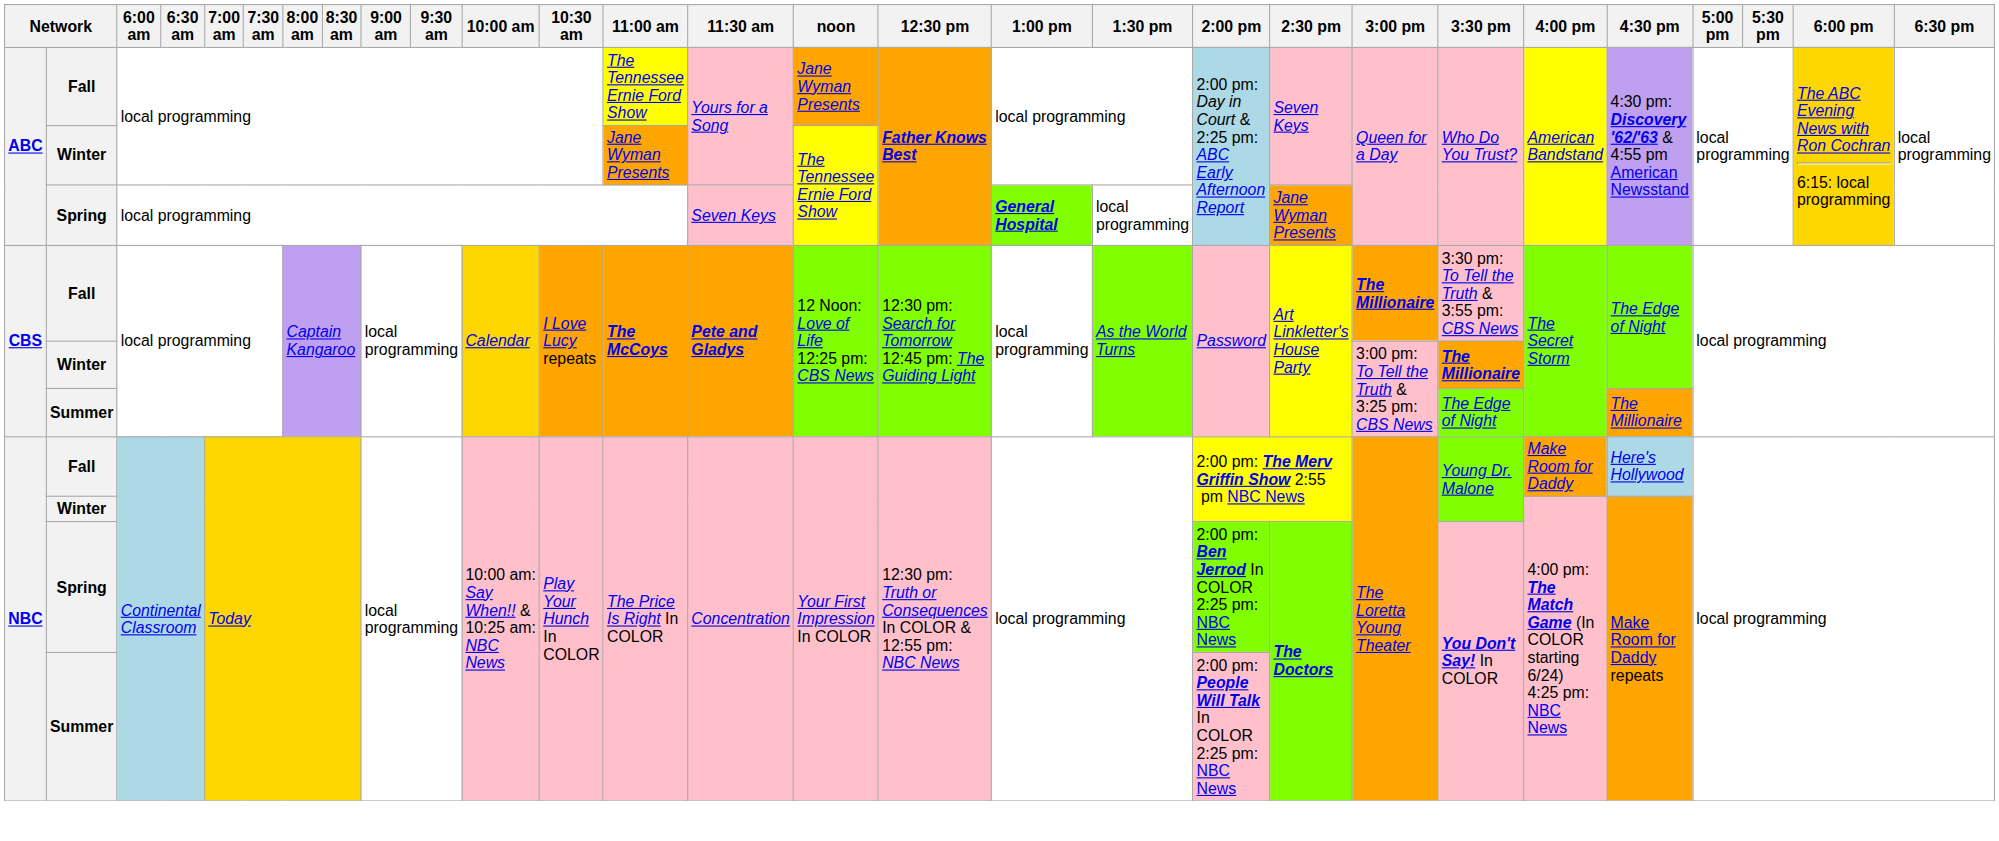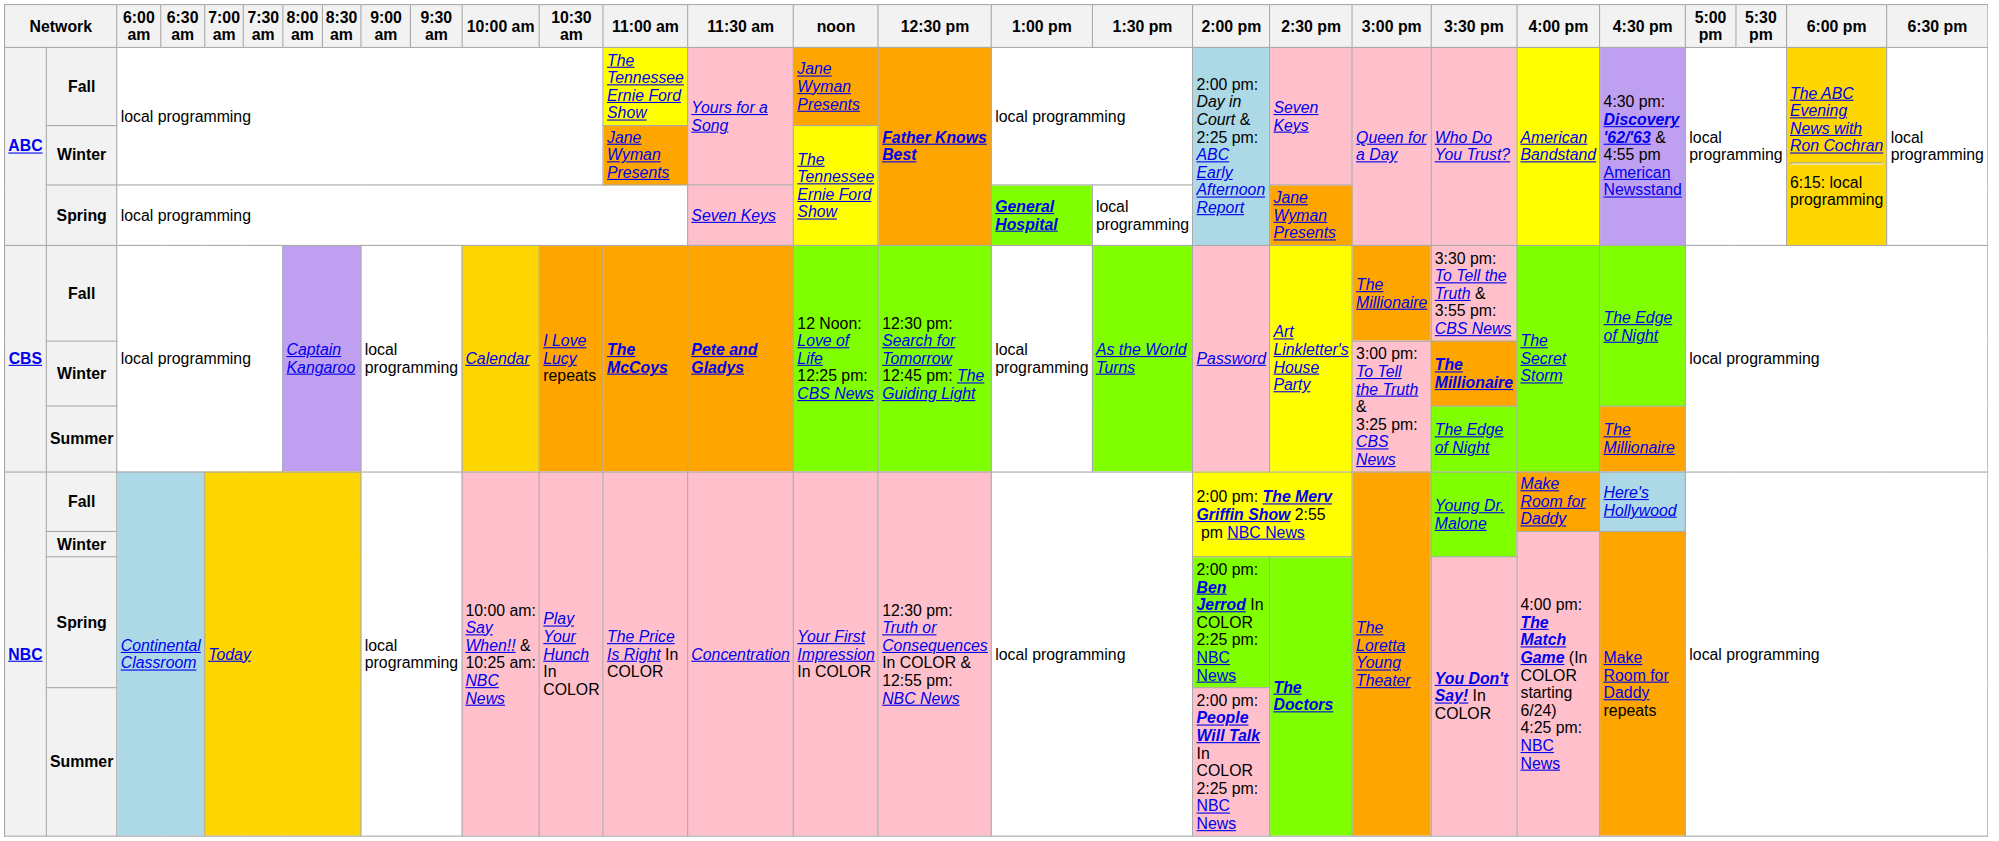 <table class=wikitable style="font-size:90%">
 <tr>
 <th width="1.5%" bgcolor="#C0C0C0" colspan="2">Network</th>
 <th width="13%" bgcolor="#C0C0C0">6:00 am</th>
 <th width="14%" bgcolor="#C0C0C0">6:30 am</th>
 <th width="13%" bgcolor="#C0C0C0">7:00 am</th>
 <th width="14%" bgcolor="#C0C0C0">7:30 am</th>
 <th width="13%" bgcolor="#C0C0C0">8:00 am</th>
 <th width="14%" bgcolor="#C0C0C0">8:30 am</th>
 <th width="13%" bgcolor="#C0C0C0">9:00 am</th>
 <th width="14%" bgcolor="#C0C0C0">9:30 am</th>
 <th width="13%" bgcolor="#C0C0C0">10:00 am</th>
 <th width="14%" bgcolor="#C0C0C0">10:30 am</th>
 <th width="13%" bgcolor="#C0C0C0">11:00 am</th>
 <th width="14%" bgcolor="#C0C0C0">11:30 am</th>
 <th width="13%" bgcolor="#C0C0C0">noon</th>
 <th width="14%" bgcolor="#C0C0C0">12:30 pm</th>
 <th width="13%" bgcolor="#C0C0C0">1:00 pm</th>
 <th width="14%" bgcolor="#C0C0C0">1:30 pm</th>
 <th width="13%" bgcolor="#C0C0C0">2:00 pm</th>
 <th width="14%" bgcolor="#C0C0C0">2:30 pm</th>
 <th width="13%" bgcolor="#C0C0C0">3:00 pm</th>
 <th width="14%" bgcolor="#C0C0C0">3:30 pm</th>
 <th width="13%" bgcolor="#C0C0C0">4:00 pm</th>
 <th width="14%" bgcolor="#C0C0C0">4:30 pm</th>
 <th width=13% bgcolor=#C0C0C0>5:00 pm</th>
 <th width=14% bgcolor=#C0C0C0>5:30 pm</th>
 <th width=13% bgcolor=#C0C0C0>6:00 pm</th>
 <th width=14% bgcolor=#C0C0C0>6:30 pm</th>
 </tr>
 <tr>
 <th bgcolor="#C0C0C0" rowspan=3><a href='#'>ABC</a></th>
 <th bgcolor=#C0C0C0>Fall</th>
 <td bgcolor="white" colspan="10" rowspan=2>local programming</td>
 <td bgcolor="yellow"><em><a href='#'>The Tennessee Ernie Ford Show</a></em></td>
 <td bgcolor="pink" rowspan=2><em><a href='#'>Yours for a Song</a></em></td>
 <td bgcolor="orange"><em><a href='#'>Jane Wyman Presents</a></em> </td>
 <td bgcolor="orange" rowspan=3><strong><em><a href='#'>Father Knows Best</a></em></strong>  </td>
 <td bgcolor="white" colspan="2" rowspan=2>local programming</td>
 <td bgcolor="lightblue" rowspan=3>2:00 pm: <em>Day in Court</em> & 2:25 pm: <em><a href='#'>ABC Early Afternoon Report</a></em></td>
 <td bgcolor="pink" rowspan=2><em><a href='#'>Seven Keys</a></em></td>
 <td bgcolor="pink" rowspan=3><em><a href='#'>Queen for a Day</a></em></td>
 <td bgcolor="pink" rowspan=3><em><a href='#'>Who Do You Trust?</a></em></td>
 <td bgcolor="yellow" rowspan=3><em><a href='#'>American Bandstand</a></em></td>
 <td bgcolor="bf9fef" rowspan=3>4:30 pm: <strong><em><a href='#'>Discovery '62/'63</a></em></strong> & 4:55 pm <a href='#'>American Newsstand</a></td>
 <td bgcolor=white colspan=2 rowspan=3>local programming</td>
 <td bgcolor=gold rowspan=3><em><a href='#'>The ABC Evening News with Ron Cochran</a></em><hr>6:15: local programming</td>
 <td bgcolor=white rowspan=3>local programming</td>
 </tr>
 <tr>
 <th bgcolor=#C0C0C0>Winter</th>
 <td bgcolor=orange><em><a href='#'>Jane Wyman Presents</a></em> </td>
 <td bgcolor=yellow rowspan=2><em><a href='#'>The Tennessee Ernie Ford Show</a></em></td>
 </tr>
 <tr>
 <th bgcolor=#C0C0C0>Spring</th>
 <td bgcolor=white colspan=11>local programming</td>
 <td bgcolor=pink><em><a href='#'>Seven Keys</a></em></td>
 <td bgcolor=chartreuse><strong><em><a href='#'>General Hospital</a></em></strong></td>
 <td bgcolor=white>local programming</td>
 <td bgcolor=orange><em><a href='#'>Jane Wyman Presents</a></em> </td>
 </tr>
 <tr>
 <th bgcolor="#C0C0C0" rowspan=3><a href='#'>CBS</a></th>
 <th bgcolor=#C0C0C0>Fall</th>
 <td bgcolor="white" colspan="4" rowspan=3>local programming</td>
 <td bgcolor="bf9fef" colspan="2" rowspan=3><em><a href='#'>Captain Kangaroo</a></em></td>
 <td bgcolor="white" colspan="2" rowspan=3>local programming</td>
 <td bgcolor="gold" rowspan=3><em><a href='#'>Calendar</a></em></td>
 <td bgcolor="orange" rowspan=3><em><a href='#'>I Love Lucy</a></em> repeats</td>
 <td bgcolor="orange" rowspan=3><strong><em><a href='#'>The McCoys</a></em></strong>  </td>
 <td bgcolor="orange" rowspan=3><strong><em><a href='#'>Pete and Gladys</a></em></strong>  </td>
 <td bgcolor="chartreuse" rowspan=3>12 Noon: <em><a href='#'>Love of Life</a></em>  12:25 pm: <em><a href='#'>CBS News</a></em></td>
 <td bgcolor="chartreuse" rowspan=3>12:30 pm: <em><a href='#'>Search for Tomorrow</a></em>  12:45 pm: <em><a href='#'>The Guiding Light</a></em></td>
 <td bgcolor="white" rowspan=3>local programming</td>
 <td bgcolor="chartreuse" rowspan=3><em><a href='#'>As the World Turns</a></em></td>
 <td bgcolor="pink" rowspan=3><em><a href='#'>Password</a></em></td>
 <td bgcolor="yellow" rowspan=3><em><a href='#'>Art Linkletter's House Party</a></em></td>
-<td bgcolor="orange"><strong><em><a href='#'>The Millionaire</a></em>  </strong></td>
+<td bgcolor="orange"><em><a href='#'>The Millionaire</a></em>  </td>
 <td bgcolor="pink">3:30 pm: <em><a href='#'>To Tell the Truth</a></em> & 3:55 pm: <em><a href='#'>CBS News</a></em></td>
 <td bgcolor="chartreuse" rowspan=3><em><a href='#'>The Secret Storm</a></em></td>
 <td bgcolor="chartreuse" rowspan=2><em><a href='#'>The Edge of Night</a></em></td>
 <td bgcolor=white colspan=4 rowspan=3>local programming</td>
 </tr>
 <tr>
 <th bgcolor=#C0C0C0>Winter</th>
 <td bgcolor=pink rowspan=2>3:00 pm: <em><a href='#'>To Tell the Truth</a></em> & 3:25 pm: <em><a href='#'>CBS News</a></em></td>
 <td bgcolor=orange><strong><em><a href='#'>The Millionaire</a></em>  </strong></td>
 </tr>
 <tr>
 <th bgcolor=#C0C0C0>Summer</th>
 <td bgcolor=chartreuse><em><a href='#'>The Edge of Night</a></em></td>
 <td bgcolor=orange><em><a href='#'>The Millionaire</a></em>  </td>
 </tr>
 <tr>
 <th bgcolor="#C0C0C0" rowspan=4><a href='#'>NBC</a></th>
 <th bgcolor=#C0C0C0>Fall</th>
 <td bgcolor="lightblue" colspan="2" rowspan=4><em><a href='#'>Continental Classroom</a></em></td>
 <td bgcolor="gold" colspan="4" rowspan=4><em><a href='#'>Today</a></em></td>
 <td bgcolor="white" colspan="2" rowspan=4>local programming</td>
 <td bgcolor="pink" rowspan=4>10:00 am: <em><a href='#'>Say When!!</a></em> & 10:25 am: <em><a href='#'>NBC News</a></em></td>
 <td bgcolor="pink" rowspan=4><em><a href='#'>Play Your Hunch</a></em> In <span>C</span><span>O</span><span>L</span><span>O</span><span>R</span></td>
 <td bgcolor="pink" rowspan=4><em><a href='#'>The Price Is Right</a></em> In <span>C</span><span>O</span><span>L</span><span>O</span><span>R</span></td>
 <td bgcolor="pink" rowspan=4><em><a href='#'>Concentration</a></em></td>
 <td bgcolor="pink" rowspan=4><em><a href='#'>Your First Impression</a></em> In <span>C</span><span>O</span><span>L</span><span>O</span><span>R</span></td>
 <td bgcolor="pink" rowspan=4>12:30 pm: <em><a href='#'>Truth or Consequences</a></em> In <span>C</span><span>O</span><span>L</span><span>O</span><span>R</span> & 12:55 pm: <em><a href='#'>NBC News</a></em></td>
 <td bgcolor="white" colspan="2" rowspan=4>local programming</td>
 <td bgcolor="yellow" colspan="2" rowspan=2>2:00 pm: <strong><em><a href='#'>The Merv Griffin Show</a></em></strong> 2:55  pm <a href='#'>NBC News</a></td>
 <td bgcolor="orange" rowspan=4><em><a href='#'>The Loretta Young Theater</a></em>  </td>
 <td bgcolor="chartreuse" rowspan=2><em><a href='#'>Young Dr. Malone</a> </em></td>
 <td bgcolor="orange"><em><a href='#'>Make Room for Daddy</a></em>  </td>
 <td bgcolor="lightblue"><em><a href='#'>Here's Hollywood</a></em></td>
 <td bgcolor=white colspan=4 rowspan=4>local programming</td>
 </tr>
 <tr>
 <th bgcolor=#C0C0C0>Winter</th>
 <td bgcolor=pink rowspan=3>4:00 pm: <strong><em><a href='#'>The Match Game</a></em></strong> (In <span>C</span><span>O</span><span>L</span><span>O</span><span>R</span> starting 6/24) 4:25 pm: <a href='#'>NBC News</a></td>
 <td bgcolor=orange rowspan=3><a href='#'>Make Room for Daddy</a> repeats</td>
 </tr>
 <tr>
 <th bgcolor=#C0C0C0>Spring</th>
 <td bgcolor=chartreuse>2:00 pm: <strong><em><a href='#'>Ben Jerrod</a></em></strong> In <span>C</span><span>O</span><span>L</span><span>O</span><span>R</span> 2:25 pm: <a href='#'>NBC News</a></td>
 <td bgcolor=chartreuse rowspan=2><strong><em><a href='#'>The Doctors</a></em></strong></td>
 <td bgcolor=pink rowspan=2><strong><em><a href='#'>You Don't Say!</a></em></strong> In <span>C</span><span>O</span><span>L</span><span>O</span><span>R</span></td>
 </tr>
 <tr>
 <th bgcolor=#C0C0C0>Summer</th>
 <td bgcolor=pink>2:00 pm: <strong><em><a href='#'>People Will Talk</a></em></strong> In <span>C</span><span>O</span><span>L</span><span>O</span><span>R</span><br>2:25 pm: <a href='#'>NBC News</a></td>
 </tr>
 </table>
